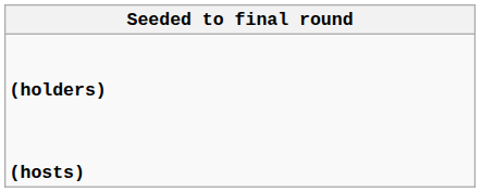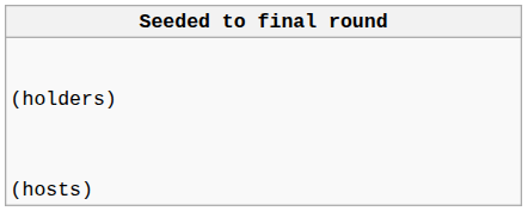 <table class="wikitable">
 <tr>
 <th width="50%">Seeded to final round</th>
 </tr>
 <tr>
-<td><strong><br><br>  (holders)<br> <br> <br> <br>  (hosts)</strong></td>
+<td><br><br>  (holders)<br> <br> <br> <br>  (hosts)</td>
 </tr>
 </table>
